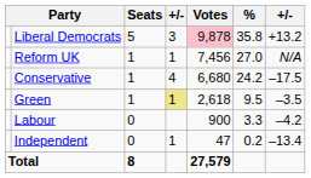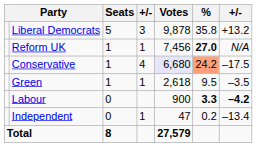 <table class="wikitable sortable">
 <tr>
 <th colspan="2">Party</th>
 <th>Seats</th>
 <th>+/-</th>
 <th>Votes</th>
 <th>%</th>
 <th>+/-</th>
 </tr>
 <tr>
 <td style="background-color: "></td>
 <td><a href='#'>Liberal Democrats</a></td>
 <td>5</td>
 <td> 3</td>
-<td style="background: pink; text-align:right;">9,878</td>
+<td style="text-align:right;">9,878</td>
 <td style="text-align:right;">35.8</td>
 <td style="text-align:right;">+13.2</td>
 </tr>
 <tr>
 <td style="background-color: "></td>
 <td><a href='#'>Reform UK</a></td>
 <td>1</td>
 <td> 1</td>
 <td style="text-align:right;">7,456</td>
-<td style="text-align:right;">27.0</td>
+<td style="text-align:right;"><strong>27.0</strong></td>
 <td style="text-align:right;"><em>N/A</em></td>
 </tr>
 <tr>
 <td style="background-color: "></td>
 <td><a href='#'>Conservative</a></td>
 <td>1</td>
 <td> 4</td>
-<td style="text-align:right;">6,680</td>
-<td style="text-align:right;">24.2</td>
+<td style="background: lavender; text-align:right;">6,680</td>
+<td style="background: lightsalmon; text-align:right;">24.2</td>
 <td style="text-align:right;">–17.5</td>
 </tr>
 <tr>
 <td style="background-color: "></td>
 <td><a href='#'>Green</a></td>
 <td>1</td>
-<td style="background: khaki;"> 1</td>
+<td> 1</td>
 <td style="text-align:right;">2,618</td>
 <td style="text-align:right;">9.5</td>
 <td style="text-align:right;">–3.5</td>
 </tr>
 <tr>
 <td style="background-color: "></td>
 <td><a href='#'>Labour</a></td>
 <td>0</td>
 <td></td>
 <td style="text-align:right;">900</td>
-<td style="text-align:right;">3.3</td>
-<td style="text-align:right;">–4.2</td>
+<td style="text-align:right;"><strong>3.3</strong></td>
+<td style="text-align:right;"><strong>–4.2</strong></td>
 </tr>
 <tr>
 <td style="background-color: "></td>
 <td><a href='#'>Independent</a></td>
 <td>0</td>
 <td> 1</td>
 <td style="text-align:right;">47</td>
 <td style="text-align:right;">0.2</td>
 <td style="text-align:right;">–13.4</td>
 </tr>
 <tr>
 <td colspan="2"><strong>Total</strong></td>
 <td><strong>8</strong></td>
 <td></td>
 <td style="text-align:right;"><strong>27,579</strong></td>
 <td style="text-align:right;"></td>
 <td style="text-align:right;"></td>
 </tr>
 </table>
